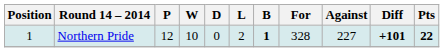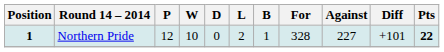 <table class="wikitable" style="text-align:center; font-size:85%;">
 <tr>
 <th width=40 abbr="Position">Position</th>
 <th width=100>Round 14 – 2014</th>
 <th width=20 abbr="Played">P</th>
 <th width=20 abbr="Won">W</th>
 <th width=20 abbr="Drawn">D</th>
 <th width=20 abbr="Lost">L</th>
 <th width=20 abbr="Bye">B</th>
 <th width=40 abbr="Points for">For</th>
 <th width=40 abbr="Points against">Against</th>
 <th width=40 abbr="Points difference">Diff</th>
 <th width=20 abbr="Points">Pts</th>
 </tr>
 <tr style="background: #d7ebed;">
-<td>1</td>
+<td><strong>1</strong></td>
 <td style="text-align:left;"> <a href='#'>Northern Pride</a></td>
 <td>12</td>
 <td>10</td>
 <td>0</td>
 <td>2</td>
-<td><strong>1</strong></td>
+<td>1</td>
 <td>328</td>
 <td>227</td>
-<td><strong>+101</strong></td>
+<td>+101</td>
 <td><strong>22</strong></td>
 </tr>
 <tr>
 </tr>
 </table>
